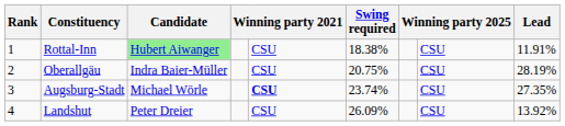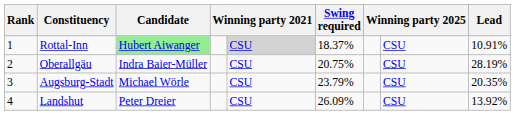 <table class="wikitable sortable">
 <tr>
 <th>Rank</th>
 <th>Constituency</th>
 <th>Candidate</th>
 <th colspan="2">Winning party 2021</th>
 <th><a href='#'>Swing</a> <br>required</th>
 <th colspan="2">Winning party 2025</th>
 <th>Lead</th>
 </tr>
 <tr>
 <td>1</td>
 <td><a href='#'>Rottal-Inn</a></td>
 <td style="background: lightgreen;"><a href='#'>Hubert Aiwanger</a></td>
 <td class="unsortable" style="background-color: "></td>
-<td><a href='#'>CSU</a></td>
-<td>18.38%</td>
+<td style="background: lightgrey;"><a href='#'>CSU</a></td>
+<td>18.37%</td>
 <td class="unsortable" style="background-color: "></td>
 <td><a href='#'>CSU</a></td>
-<td>11.91%</td>
+<td>10.91%</td>
 </tr>
 <tr>
 <td>2</td>
 <td><a href='#'>Oberallgäu</a></td>
 <td><a href='#'>Indra Baier-Müller</a></td>
 <td class="unsortable" style="background-color: "></td>
 <td><a href='#'>CSU</a></td>
 <td>20.75%</td>
 <td class="unsortable" style="background-color: "></td>
 <td><a href='#'>CSU</a></td>
 <td>28.19%</td>
 </tr>
 <tr>
 <td>3</td>
 <td><a href='#'>Augsburg-Stadt</a></td>
 <td><a href='#'>Michael Wörle</a></td>
 <td class="unsortable" style="background-color: "></td>
-<td><strong><a href='#'>CSU</a></strong></td>
-<td>23.74%</td>
+<td><a href='#'>CSU</a></td>
+<td>23.79%</td>
 <td class="unsortable" style="background-color: "></td>
 <td><a href='#'>CSU</a></td>
-<td>27.35%</td>
+<td>20.35%</td>
 </tr>
 <tr>
 <td>4</td>
 <td><a href='#'>Landshut</a></td>
 <td><a href='#'>Peter Dreier</a></td>
 <td class="unsortable" style="background-color: "></td>
 <td><a href='#'>CSU</a></td>
 <td>26.09%</td>
 <td class="unsortable" style="background-color: "></td>
 <td><a href='#'>CSU</a></td>
 <td>13.92%</td>
 </tr>
 </table>
